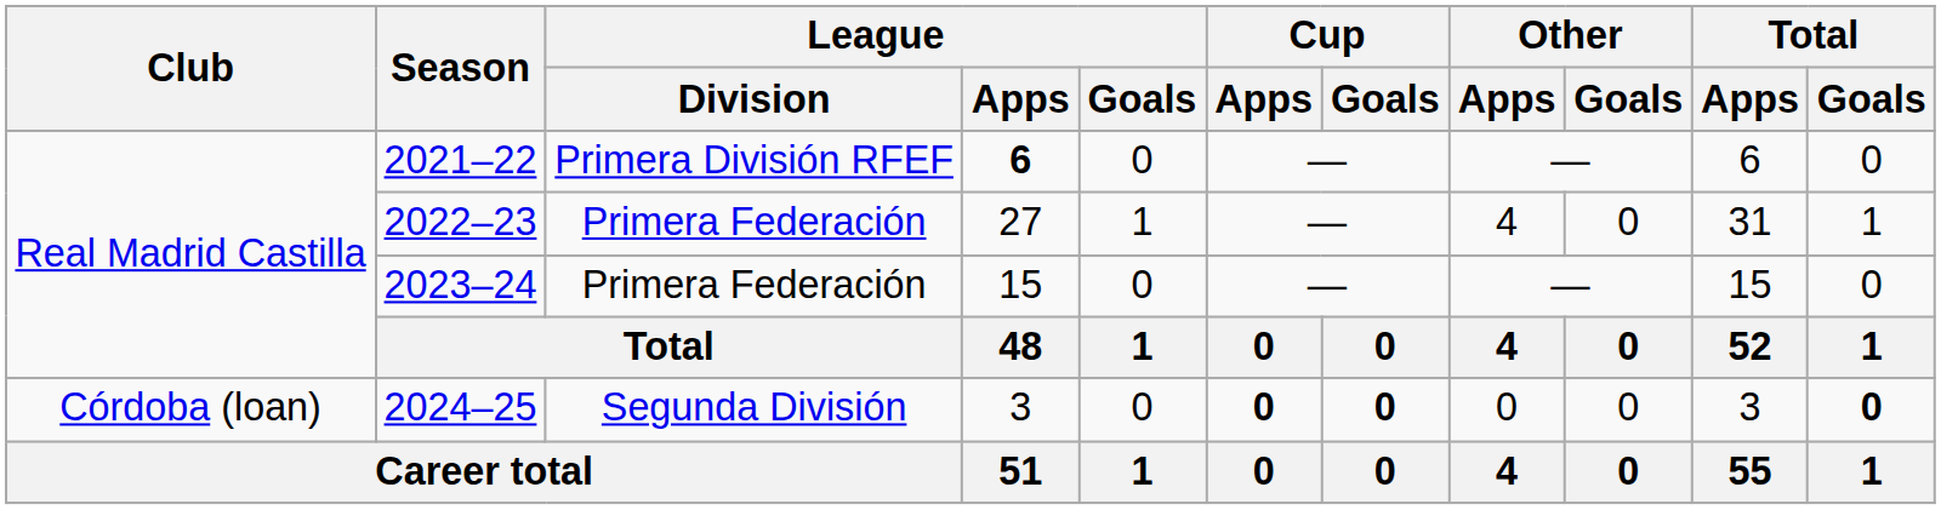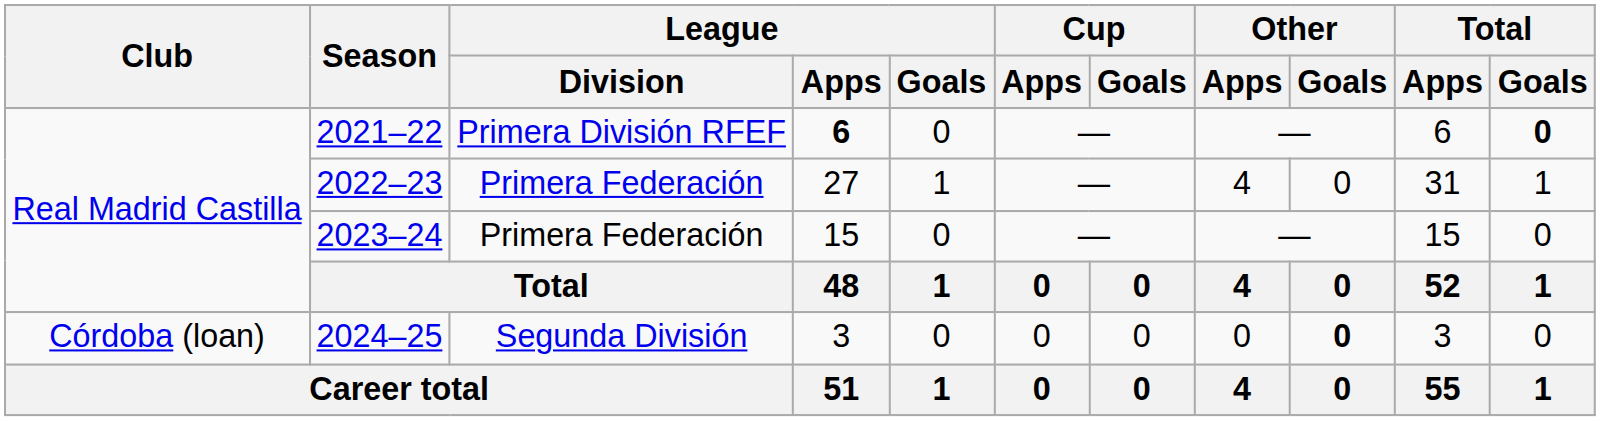 <table class=wikitable style=text-align:center>
 <tr>
 <th rowspan=2>Club</th>
 <th rowspan=2>Season</th>
 <th colspan=3>League</th>
 <th colspan="2">Cup</th>
 <th colspan="2">Other</th>
 <th colspan=2>Total</th>
 </tr>
 <tr>
 <th>Division</th>
 <th>Apps</th>
 <th>Goals</th>
 <th>Apps</th>
 <th>Goals</th>
 <th>Apps</th>
 <th>Goals</th>
 <th>Apps</th>
 <th>Goals</th>
 </tr>
 <tr>
 <td rowspan="4"><a href='#'>Real Madrid Castilla</a></td>
 <td><a href='#'>2021–22</a></td>
 <td><a href='#'>Primera División RFEF</a></td>
 <td><strong>6</strong></td>
 <td>0</td>
 <td colspan="2">—</td>
 <td colspan="2">—</td>
 <td>6</td>
-<td>0</td>
+<td><strong>0</strong></td>
 </tr>
 <tr>
 <td><a href='#'>2022–23</a></td>
 <td><a href='#'>Primera Federación</a></td>
 <td>27</td>
 <td>1</td>
 <td colspan="2">—</td>
 <td>4</td>
 <td>0</td>
 <td>31</td>
 <td>1</td>
 </tr>
 <tr>
 <td><a href='#'>2023–24</a></td>
 <td>Primera Federación</td>
 <td>15</td>
 <td>0</td>
 <td colspan="2">—</td>
 <td colspan="2">—</td>
 <td>15</td>
 <td>0</td>
 </tr>
 <tr>
 <th colspan="2">Total</th>
 <th>48</th>
 <th>1</th>
 <th>0</th>
 <th>0</th>
 <th>4</th>
 <th>0</th>
 <th>52</th>
 <th>1</th>
 </tr>
 <tr>
 <td><a href='#'>Córdoba</a> (loan)</td>
 <td><a href='#'>2024–25</a></td>
 <td><a href='#'>Segunda División</a></td>
 <td>3</td>
 <td>0</td>
-<td><strong>0</strong></td>
-<td><strong>0</strong></td>
 <td>0</td>
 <td>0</td>
+<td>0</td>
+<td><strong>0</strong></td>
 <td>3</td>
-<td><strong>0</strong></td>
+<td>0</td>
 </tr>
 <tr>
 <th colspan="3">Career total</th>
 <th>51</th>
 <th>1</th>
 <th>0</th>
 <th>0</th>
 <th>4</th>
 <th>0</th>
 <th>55</th>
 <th>1</th>
 </tr>
 </table>
